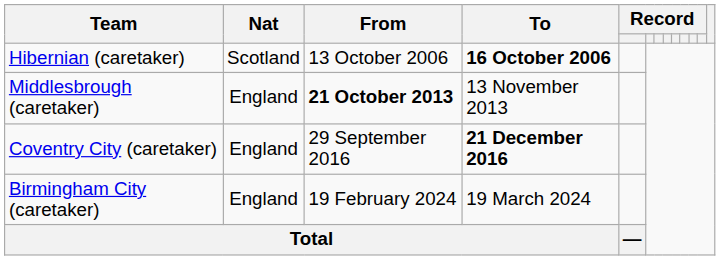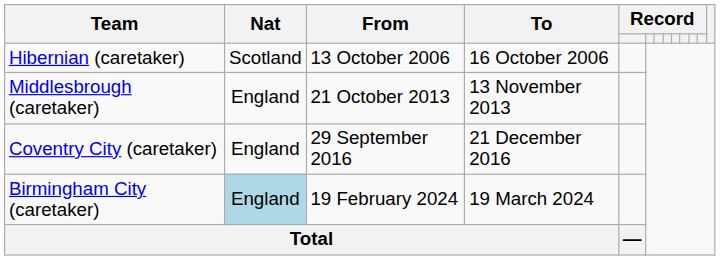 <table class="wikitable" style="text-align: center">
 <tr>
 <th rowspan="2">Team</th>
 <th rowspan="2">Nat</th>
 <th rowspan="2">From</th>
 <th rowspan="2">To</th>
 <th colspan="8">Record</th>
 <th rowspan=2></th>
 </tr>
 <tr>
 <th></th>
 <th></th>
 <th></th>
 <th></th>
 <th></th>
 <th></th>
 <th></th>
 <th></th>
 </tr>
 <tr>
 <td align=left><a href='#'>Hibernian</a> (caretaker)</td>
 <td>Scotland</td>
 <td align=left>13 October 2006</td>
-<td align=left><strong>16 October 2006<br></strong></td>
+<td align=left>16 October 2006<br></td>
 <td></td>
 </tr>
 <tr>
 <td align=left><a href='#'>Middlesbrough</a> (caretaker)</td>
 <td>England</td>
-<td align=left><strong>21 October 2013</strong></td>
+<td align=left>21 October 2013</td>
 <td align=left>13 November 2013<br></td>
 <td></td>
 </tr>
 <tr>
 <td align=left><a href='#'>Coventry City</a> (caretaker)</td>
 <td>England</td>
 <td align=left>29 September 2016</td>
-<td align=left><strong>21 December 2016<br></strong></td>
+<td align=left>21 December 2016<br></td>
 <td></td>
 </tr>
 <tr>
 <td align=left><a href='#'>Birmingham City</a> (caretaker)</td>
-<td>England</td>
+<td style="background: lightblue;">England</td>
 <td align=left>19 February 2024</td>
 <td align=left>19 March 2024<br></td>
 <td></td>
 </tr>
 <tr>
 <th colspan=4>Total<br></th>
 <th>—</th>
 </tr>
 </table>
